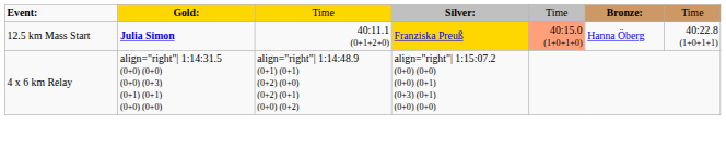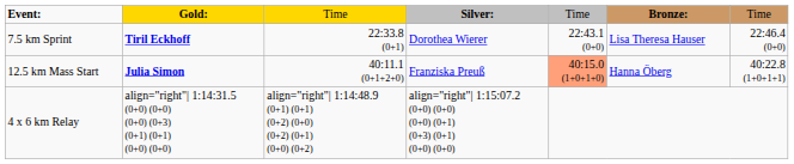 <table class="wikitable" width=85%>
 <tr>
 <td><strong>Event:</strong></td>
 <td style="text-align:center;background-color:gold;"><strong>Gold:</strong></td>
 <td style="text-align:center;background-color:gold;">Time</td>
 <td style="text-align:center;background-color:silver;"><strong>Silver:</strong></td>
 <td style="text-align:center;background-color:silver;">Time</td>
 <td style="text-align:center;background-color:#CC9966;"><strong>Bronze:</strong></td>
 <td style="text-align:center;background-color:#CC9966;">Time</td>
 </tr>
 <tr>
+<td>7.5 km Sprint<br></td>
+<td><strong><a href='#'>Tiril Eckhoff</a></strong><br><small></small></td>
+<td align="right">22:33.8<br><small>(0+1)</small></td>
+<td><a href='#'>Dorothea Wierer</a><br><small></small></td>
+<td align="right">22:43.1<br><small>(0+0)</small></td>
+<td><a href='#'>Lisa Theresa Hauser</a><br><small></small></td>
+<td align="right">22:46.4<br><small>(0+0)</small></td>
+</tr>
+<tr>
 <td>12.5 km Mass Start<br></td>
 <td><strong><a href='#'>Julia Simon</a></strong><br><small></small></td>
 <td align="right">40:11.1<br><small>(0+1+2+0)</small></td>
-<td style="background: gold;"><a href='#'>Franziska Preuß</a><br><small></small></td>
+<td><a href='#'>Franziska Preuß</a><br><small></small></td>
 <td align="right" style="background: lightsalmon;">40:15.0<br><small>(1+0+1+0)</small></td>
 <td><a href='#'>Hanna Öberg</a><br><small></small></td>
 <td align="right">40:22.8<br><small>(1+0+1+1)</small></td>
 </tr>
 <tr>
 <td>4 x 6 km Relay<br></td>
 <td>align="right"| 1:14:31.5<small><br>(0+0) (0+0)<br>(0+0) (0+3)<br>(0+1) (0+1)<br>(0+0) (0+0)</small></td>
 <td>align="right"| 1:14:48.9<small><br>(0+1) (0+1)<br>(0+2) (0+0)<br>(0+2) (0+1)<br>(0+0) (0+2)</small></td>
 <td>align="right"| 1:15:07.2<small><br>(0+0) (0+0)<br>(0+0) (0+1)<br>(0+3) (0+1)<br>(0+0) (0+0)</small></td>
 </tr>
 </table>
